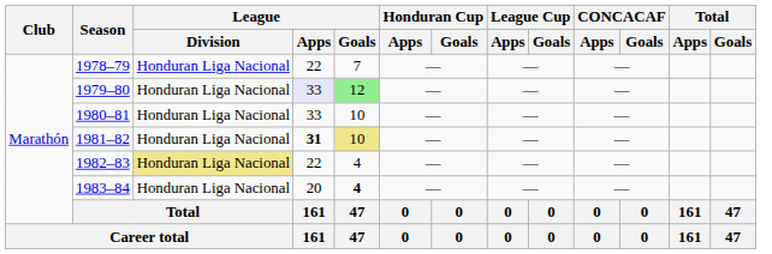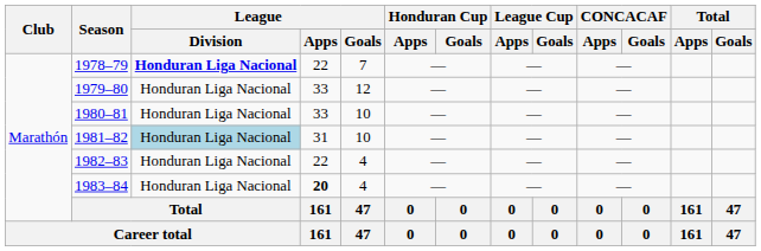 <table class="wikitable" style="text-align: center;">
 <tr>
 <th rowspan="2">Club</th>
 <th rowspan="2">Season</th>
 <th colspan="3">League</th>
 <th colspan="2">Honduran Cup</th>
 <th colspan="2">League Cup</th>
 <th colspan="2">CONCACAF</th>
 <th colspan="2">Total</th>
 </tr>
 <tr>
 <th>Division</th>
 <th>Apps</th>
 <th>Goals</th>
 <th>Apps</th>
 <th>Goals</th>
 <th>Apps</th>
 <th>Goals</th>
 <th>Apps</th>
 <th>Goals</th>
 <th>Apps</th>
 <th>Goals</th>
 </tr>
 <tr>
 <td rowspan="7"><a href='#'>Marathón</a></td>
 <td><a href='#'>1978–79</a></td>
-<td><a href='#'>Honduran Liga Nacional</a></td>
+<td><strong><a href='#'>Honduran Liga Nacional</a></strong></td>
 <td>22</td>
 <td>7</td>
 <td colspan="2">—</td>
 <td colspan="2">—</td>
 <td colspan="2">—</td>
 <td></td>
 <td></td>
 </tr>
 <tr>
 <td><a href='#'>1979–80</a></td>
 <td>Honduran Liga Nacional</td>
-<td style="background: lavender;">33</td>
-<td style="background: lightgreen;">12</td>
+<td>33</td>
+<td>12</td>
 <td colspan="2">—</td>
 <td colspan="2">—</td>
 <td colspan="2">—</td>
 <td></td>
 <td></td>
 </tr>
 <tr>
 <td><a href='#'>1980–81</a></td>
 <td>Honduran Liga Nacional</td>
 <td>33</td>
 <td>10</td>
 <td colspan="2">—</td>
 <td colspan="2">—</td>
 <td colspan="2">—</td>
 <td></td>
 <td></td>
 </tr>
 <tr>
 <td><a href='#'>1981–82</a></td>
-<td>Honduran Liga Nacional</td>
-<td><strong>31</strong></td>
-<td style="background: khaki;">10</td>
+<td style="background: lightblue;">Honduran Liga Nacional</td>
+<td>31</td>
+<td>10</td>
 <td colspan="2">—</td>
 <td colspan="2">—</td>
 <td colspan="2">—</td>
 <td></td>
 <td></td>
 </tr>
 <tr>
 <td><a href='#'>1982–83</a></td>
-<td style="background: khaki;">Honduran Liga Nacional</td>
+<td>Honduran Liga Nacional</td>
 <td>22</td>
 <td>4</td>
 <td colspan="2">—</td>
 <td colspan="2">—</td>
 <td colspan="2">—</td>
 <td></td>
 <td></td>
 </tr>
 <tr>
 <td><a href='#'>1983–84</a></td>
 <td>Honduran Liga Nacional</td>
-<td>20</td>
-<td><strong>4</strong></td>
+<td><strong>20</strong></td>
+<td>4</td>
 <td colspan="2">—</td>
 <td colspan="2">—</td>
 <td colspan="2">—</td>
 <td></td>
 <td></td>
 </tr>
 <tr>
 <th colspan="2">Total</th>
 <th>161</th>
 <th>47</th>
 <th>0</th>
 <th>0</th>
 <th>0</th>
 <th>0</th>
 <th>0</th>
 <th>0</th>
 <th>161</th>
 <th>47</th>
 </tr>
 <tr>
 <th colspan="3">Career total</th>
 <th>161</th>
 <th>47</th>
 <th>0</th>
 <th>0</th>
 <th>0</th>
 <th>0</th>
 <th>0</th>
 <th>0</th>
 <th>161</th>
 <th>47</th>
 </tr>
 </table>
